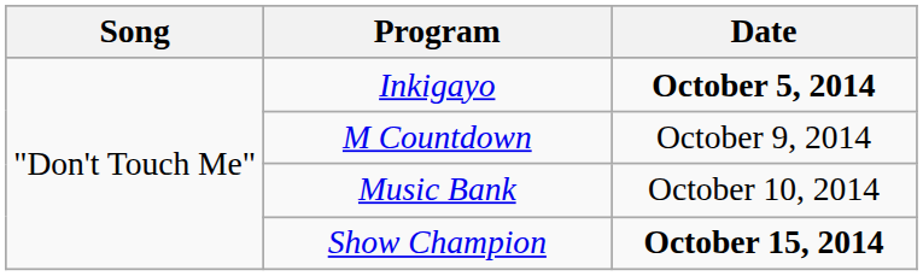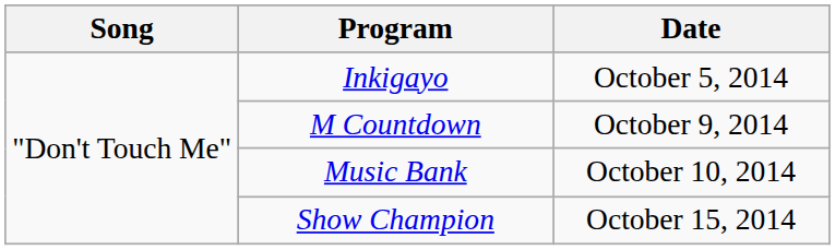 <table class="wikitable" style="text-align:center">
 <tr>
 <th>Song</th>
 <th width="160">Program</th>
 <th width="140">Date</th>
 </tr>
 <tr>
 <td rowspan="4">"Don't Touch Me"</td>
 <td><em><a href='#'>Inkigayo</a></em></td>
-<td><strong>October 5, 2014</strong></td>
+<td>October 5, 2014</td>
 </tr>
 <tr>
 <td><em><a href='#'>M Countdown</a></em></td>
 <td>October 9, 2014</td>
 </tr>
 <tr>
 <td><em><a href='#'>Music Bank</a></em></td>
 <td>October 10, 2014</td>
 </tr>
 <tr>
 <td><em><a href='#'>Show Champion</a></em></td>
-<td><strong>October 15, 2014</strong></td>
+<td>October 15, 2014</td>
 </tr>
 </table>
